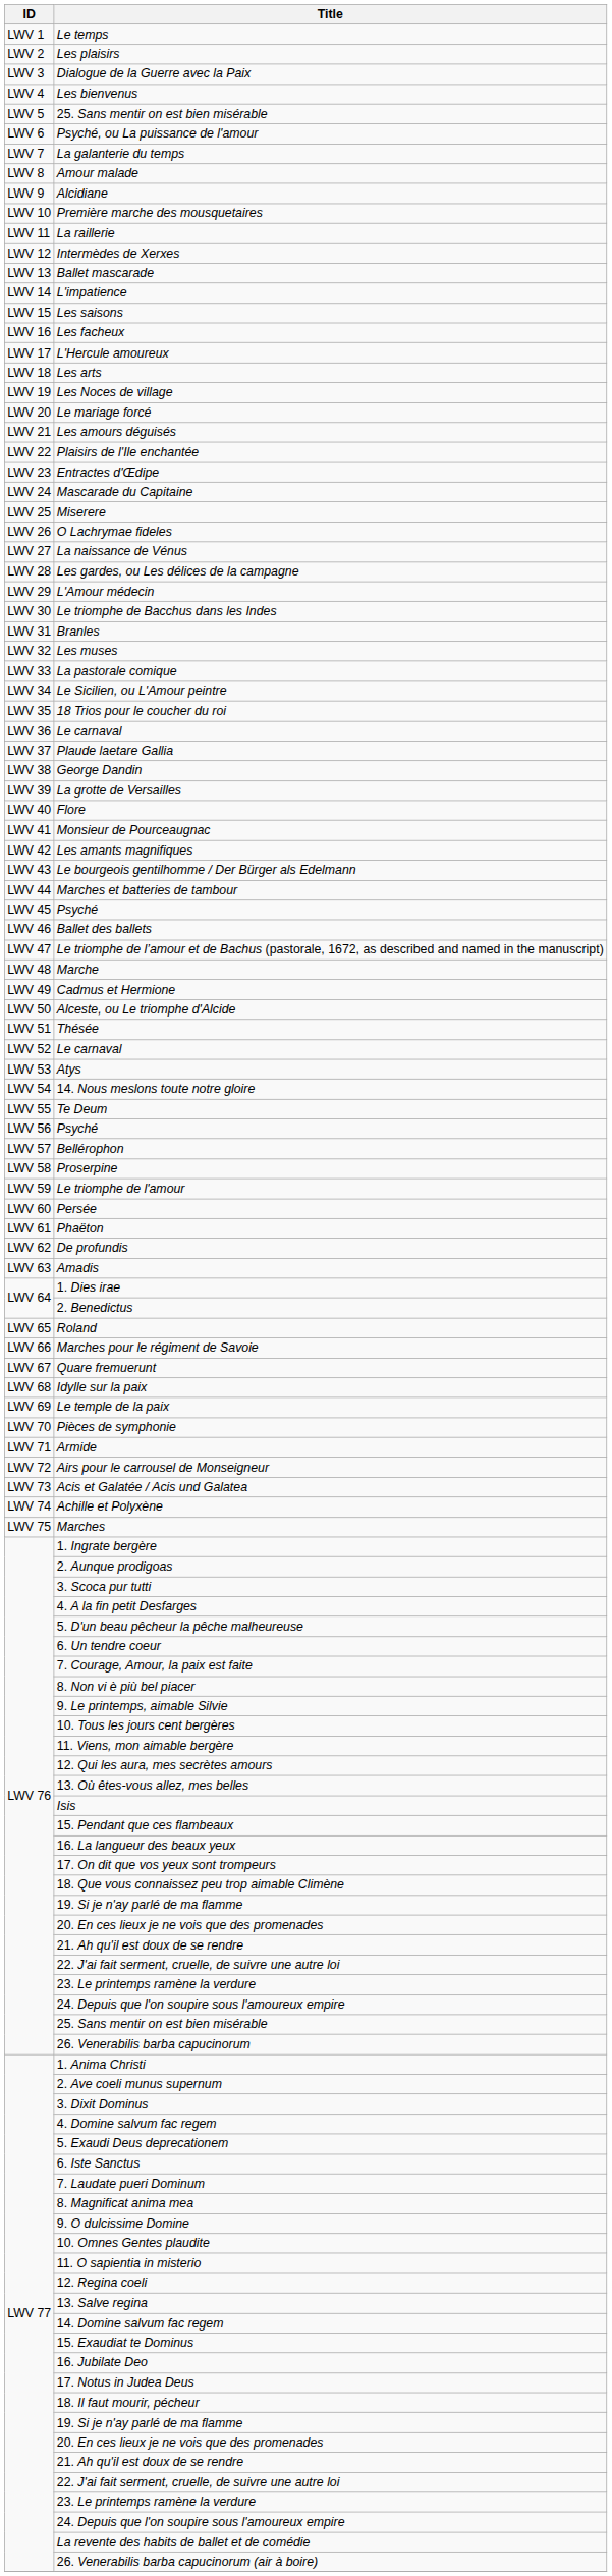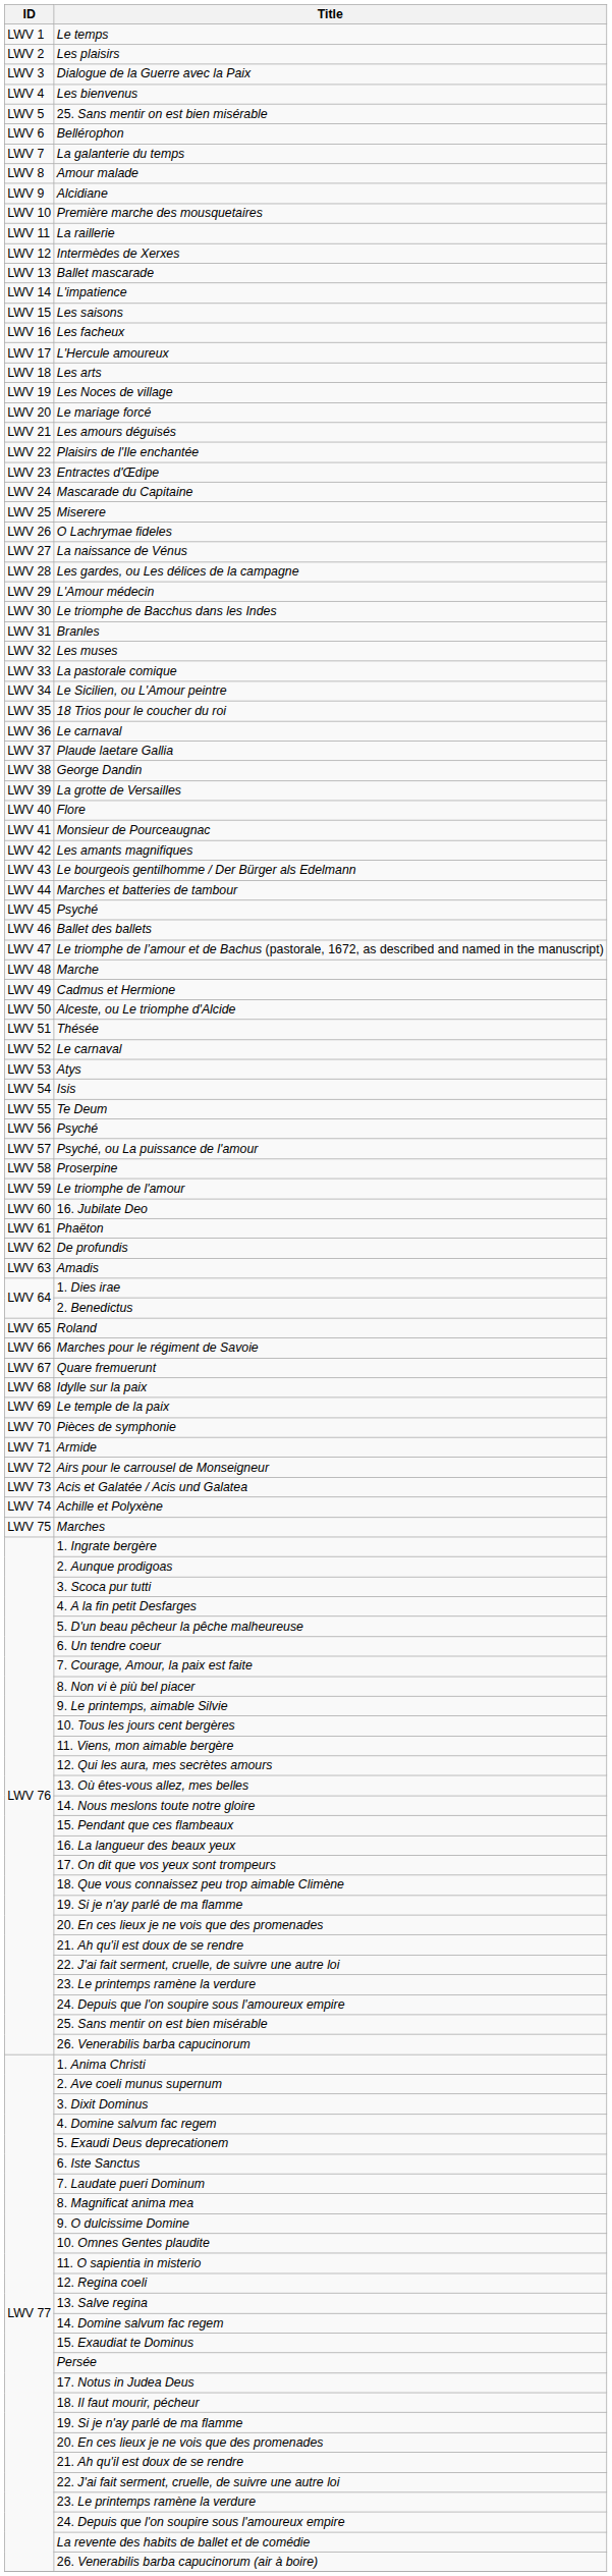 <table class="wikitable sortable">
 <tr>
 <th>ID</th>
 <th>Title</th>
 </tr>
 <tr>
 <td>LWV 1</td>
 <td><em>Le temps</em></td>
 </tr>
 <tr>
 <td>LWV 2</td>
 <td><em>Les plaisirs</em></td>
 </tr>
 <tr>
 <td>LWV 3</td>
 <td><em>Dialogue de la Guerre avec la Paix</em></td>
 </tr>
 <tr>
 <td>LWV 4</td>
 <td><em>Les bienvenus</em></td>
 </tr>
 <tr>
 <td>LWV 5</td>
 <td>25. <em>Sans mentir on est bien misérable</em></td>
 </tr>
 <tr>
 <td>LWV 6</td>
-<td><em>Psyché, ou La puissance de l'amour</em></td>
+<td><em>Bellérophon</em></td>
 </tr>
 <tr>
 <td>LWV 7</td>
 <td><em>La galanterie du temps</em></td>
 </tr>
 <tr>
 <td>LWV 8</td>
 <td><em>Amour malade</em></td>
 </tr>
 <tr>
 <td>LWV 9</td>
 <td><em>Alcidiane</em></td>
 </tr>
 <tr>
 <td>LWV 10</td>
 <td><em>Première marche des mousquetaires</em></td>
 </tr>
 <tr>
 <td>LWV 11</td>
 <td><em>La raillerie</em></td>
 </tr>
 <tr>
 <td>LWV 12</td>
 <td><em>Intermèdes de Xerxes</em></td>
 </tr>
 <tr>
 <td>LWV 13</td>
 <td><em>Ballet mascarade</em></td>
 </tr>
 <tr>
 <td>LWV 14</td>
 <td><em>L'impatience</em></td>
 </tr>
 <tr>
 <td>LWV 15</td>
 <td><em>Les saisons</em></td>
 </tr>
 <tr>
 <td>LWV 16</td>
 <td><em>Les facheux</em></td>
 </tr>
 <tr>
 <td>LWV 17</td>
 <td><em>L'Hercule amoureux</em></td>
 </tr>
 <tr>
 <td>LWV 18</td>
 <td><em>Les arts</em></td>
 </tr>
 <tr>
 <td>LWV 19</td>
 <td><em>Les Noces de village</em></td>
 </tr>
 <tr>
 <td>LWV 20</td>
 <td><em>Le mariage forcé</em></td>
 </tr>
 <tr>
 <td>LWV 21</td>
 <td><em>Les amours déguisés</em></td>
 </tr>
 <tr>
 <td>LWV 22</td>
 <td><em>Plaisirs de l'Ile enchantée</em></td>
 </tr>
 <tr>
 <td>LWV 23</td>
 <td><em>Entractes d'Œdipe</em></td>
 </tr>
 <tr>
 <td>LWV 24</td>
 <td><em>Mascarade du Capitaine</em></td>
 </tr>
 <tr>
 <td>LWV 25</td>
 <td><em>Miserere</em></td>
 </tr>
 <tr>
 <td>LWV 26</td>
 <td><em>O Lachrymae fideles</em></td>
 </tr>
 <tr>
 <td>LWV 27</td>
 <td><em>La naissance de Vénus</em></td>
 </tr>
 <tr>
 <td>LWV 28</td>
 <td><em>Les gardes, ou Les délices de la campagne</em></td>
 </tr>
 <tr>
 <td>LWV 29</td>
 <td><em>L'Amour médecin</em></td>
 </tr>
 <tr>
 <td>LWV 30</td>
 <td><em>Le triomphe de Bacchus dans les Indes</em></td>
 </tr>
 <tr>
 <td>LWV 31</td>
 <td><em>Branles</em></td>
 </tr>
 <tr>
 <td>LWV 32</td>
 <td><em>Les muses</em></td>
 </tr>
 <tr>
 <td>LWV 33</td>
 <td><em>La pastorale comique</em></td>
 </tr>
 <tr>
 <td>LWV 34</td>
 <td><em>Le Sicilien, ou L'Amour peintre</em></td>
 </tr>
 <tr>
 <td>LWV 35</td>
 <td><em>18 Trios pour le coucher du roi</em></td>
 </tr>
 <tr>
 <td>LWV 36</td>
 <td><em>Le carnaval</em></td>
 </tr>
 <tr>
 <td>LWV 37</td>
 <td><em>Plaude laetare Gallia</em></td>
 </tr>
 <tr>
 <td>LWV 38</td>
 <td><em>George Dandin</em></td>
 </tr>
 <tr>
 <td>LWV 39</td>
 <td><em>La grotte de Versailles</em></td>
 </tr>
 <tr>
 <td>LWV 40</td>
 <td><em>Flore</em></td>
 </tr>
 <tr>
 <td>LWV 41</td>
 <td><em>Monsieur de Pourceaugnac</em></td>
 </tr>
 <tr>
 <td>LWV 42</td>
 <td><em>Les amants magnifiques</em></td>
 </tr>
 <tr>
 <td>LWV 43</td>
 <td><em>Le bourgeois gentilhomme / Der Bürger als Edelmann</em></td>
 </tr>
 <tr>
 <td>LWV 44</td>
 <td><em>Marches et batteries de tambour</em></td>
 </tr>
 <tr>
 <td>LWV 45</td>
 <td><em>Psyché</em></td>
 </tr>
 <tr>
 <td>LWV 46</td>
 <td><em>Ballet des ballets</em></td>
 </tr>
 <tr>
 <td>LWV 47</td>
 <td><em>Le triomphe de l’amour et de Bachus</em> (pastorale, 1672, as described and named in the manuscript)</td>
 </tr>
 <tr>
 <td>LWV 48</td>
 <td><em>Marche</em></td>
 </tr>
 <tr>
 <td>LWV 49</td>
 <td><em>Cadmus et Hermione</em></td>
 </tr>
 <tr>
 <td>LWV 50</td>
 <td><em>Alceste, ou Le triomphe d'Alcide</em></td>
 </tr>
 <tr>
 <td>LWV 51</td>
 <td><em>Thésée</em></td>
 </tr>
 <tr>
 <td>LWV 52</td>
 <td><em>Le carnaval</em></td>
 </tr>
 <tr>
 <td>LWV 53</td>
 <td><em>Atys</em></td>
 </tr>
 <tr>
 <td>LWV 54</td>
-<td>14. <em>Nous meslons toute notre gloire</em></td>
+<td><em>Isis</em></td>
 </tr>
 <tr>
 <td>LWV 55</td>
 <td><em>Te Deum</em></td>
 </tr>
 <tr>
 <td>LWV 56</td>
 <td><em>Psyché</em></td>
 </tr>
 <tr>
 <td>LWV 57</td>
-<td><em>Bellérophon</em></td>
+<td><em>Psyché, ou La puissance de l'amour</em></td>
 </tr>
 <tr>
 <td>LWV 58</td>
 <td><em>Proserpine</em></td>
 </tr>
 <tr>
 <td>LWV 59</td>
 <td><em>Le triomphe de l'amour</em></td>
 </tr>
 <tr>
 <td>LWV 60</td>
-<td><em>Persée</em></td>
+<td>16. <em>Jubilate Deo</em></td>
 </tr>
 <tr>
 <td>LWV 61</td>
 <td><em>Phaëton</em></td>
 </tr>
 <tr>
 <td>LWV 62</td>
 <td><em>De profundis</em></td>
 </tr>
 <tr>
 <td>LWV 63</td>
 <td><em>Amadis</em></td>
 </tr>
 <tr>
 <td rowspan="2">LWV 64</td>
 <td>1. <em>Dies irae</em></td>
 </tr>
 <tr>
 <td>2. <em>Benedictus</em></td>
 </tr>
 <tr>
 <td>LWV 65</td>
 <td><em>Roland</em></td>
 </tr>
 <tr>
 <td>LWV 66</td>
 <td><em>Marches pour le régiment de Savoie</em></td>
 </tr>
 <tr>
 <td>LWV 67</td>
 <td><em>Quare fremuerunt</em></td>
 </tr>
 <tr>
 <td>LWV 68</td>
 <td><em>Idylle sur la paix</em></td>
 </tr>
 <tr>
 <td>LWV 69</td>
 <td><em>Le temple de la paix</em></td>
 </tr>
 <tr>
 <td>LWV 70</td>
 <td><em>Pièces de symphonie</em></td>
 </tr>
 <tr>
 <td>LWV 71</td>
 <td><em>Armide</em></td>
 </tr>
 <tr>
 <td>LWV 72</td>
 <td><em>Airs pour le carrousel de Monseigneur</em></td>
 </tr>
 <tr>
 <td>LWV 73</td>
 <td><em>Acis et Galatée / Acis und Galatea</em></td>
 </tr>
 <tr>
 <td>LWV 74</td>
 <td><em>Achille et Polyxène</em></td>
 </tr>
 <tr>
 <td>LWV 75</td>
 <td><em>Marches</em></td>
 </tr>
 <tr>
 <td rowspan="26">LWV 76</td>
 <td>1. <em>Ingrate bergère</em></td>
 </tr>
 <tr>
 <td>2. <em>Aunque prodigoas</em></td>
 </tr>
 <tr>
 <td>3. <em>Scoca pur tutti</em></td>
 </tr>
 <tr>
 <td>4. <em>A la fin petit Desfarges</em></td>
 </tr>
 <tr>
 <td>5. <em>D'un beau pêcheur la pêche malheureuse</em></td>
 </tr>
 <tr>
 <td>6. <em>Un tendre coeur</em></td>
 </tr>
 <tr>
 <td>7. <em>Courage, Amour, la paix est faite</em></td>
 </tr>
 <tr>
 <td>8. <em>Non vi è più bel piacer</em></td>
 </tr>
 <tr>
 <td>9. <em>Le printemps, aimable Silvie</em></td>
 </tr>
 <tr>
 <td>10. <em>Tous les jours cent bergères</em></td>
 </tr>
 <tr>
 <td>11. <em>Viens, mon aimable bergère</em></td>
 </tr>
 <tr>
 <td>12. <em>Qui les aura, mes secrètes amours</em></td>
 </tr>
 <tr>
 <td>13. <em>Où êtes-vous allez, mes belles</em></td>
 </tr>
 <tr>
-<td><em>Isis</em></td>
+<td>14. <em>Nous meslons toute notre gloire</em></td>
 </tr>
 <tr>
 <td>15. <em>Pendant que ces flambeaux</em></td>
 </tr>
 <tr>
 <td>16. <em>La langueur des beaux yeux</em></td>
 </tr>
 <tr>
 <td>17. <em>On dit que vos yeux sont trompeurs</em></td>
 </tr>
 <tr>
 <td>18. <em>Que vous connaissez peu trop aimable Climène</em></td>
 </tr>
 <tr>
 <td>19. <em>Si je n'ay parlé de ma flamme</em></td>
 </tr>
 <tr>
 <td>20. <em>En ces lieux je ne vois que des promenades</em></td>
 </tr>
 <tr>
 <td>21. <em>Ah qu'il est doux de se rendre</em></td>
 </tr>
 <tr>
 <td>22. <em>J'ai fait serment, cruelle, de suivre une autre loi</em></td>
 </tr>
 <tr>
 <td>23. <em>Le printemps ramène la verdure</em></td>
 </tr>
 <tr>
 <td>24. <em>Depuis que l'on soupire sous l'amoureux empire</em></td>
 </tr>
 <tr>
 <td>25. <em>Sans mentir on est bien misérable</em></td>
 </tr>
 <tr>
 <td>26. <em>Venerabilis barba capucinorum</em></td>
 </tr>
 <tr>
 <td rowspan="26">LWV 77</td>
 <td>1. <em>Anima Christi</em></td>
 </tr>
 <tr>
 <td>2. <em>Ave coeli munus supernum</em></td>
 </tr>
 <tr>
 <td>3. <em>Dixit Dominus</em></td>
 </tr>
 <tr>
 <td>4. <em>Domine salvum fac regem</em></td>
 </tr>
 <tr>
 <td>5. <em>Exaudi Deus deprecationem</em></td>
 </tr>
 <tr>
 <td>6. <em>Iste Sanctus</em></td>
 </tr>
 <tr>
 <td>7. <em>Laudate pueri Dominum</em></td>
 </tr>
 <tr>
 <td>8. <em>Magnificat anima mea</em></td>
 </tr>
 <tr>
 <td>9. <em>O dulcissime Domine</em></td>
 </tr>
 <tr>
 <td>10. <em>Omnes Gentes plaudite</em></td>
 </tr>
 <tr>
 <td>11. <em>O sapientia in misterio</em></td>
 </tr>
 <tr>
 <td>12. <em>Regina coeli</em></td>
 </tr>
 <tr>
 <td>13. <em>Salve regina</em></td>
 </tr>
 <tr>
 <td>14. <em>Domine salvum fac regem</em></td>
 </tr>
 <tr>
 <td>15. <em>Exaudiat te Dominus</em></td>
 </tr>
 <tr>
-<td>16. <em>Jubilate Deo</em></td>
+<td><em>Persée</em></td>
 </tr>
 <tr>
 <td>17. <em>Notus in Judea Deus</em></td>
 </tr>
 <tr>
 <td>18. <em>Il faut mourir, pécheur</em></td>
 </tr>
 <tr>
 <td>19. <em>Si je n'ay parlé de ma flamme</em></td>
 </tr>
 <tr>
 <td>20. <em>En ces lieux je ne vois que des promenades</em></td>
 </tr>
 <tr>
 <td>21. <em>Ah qu'il est doux de se rendre</em></td>
 </tr>
 <tr>
 <td>22. <em>J'ai fait serment, cruelle, de suivre une autre loi</em></td>
 </tr>
 <tr>
 <td>23. <em>Le printemps ramène la verdure</em></td>
 </tr>
 <tr>
 <td>24. <em>Depuis que l'on soupire sous l'amoureux empire</em></td>
 </tr>
 <tr>
 <td><em>La revente des habits de ballet et de comédie</em></td>
 </tr>
 <tr>
 <td>26. <em>Venerabilis barba capucinorum (air à boire)</em></td>
 </tr>
 <tr>
 </tr>
 </table>
